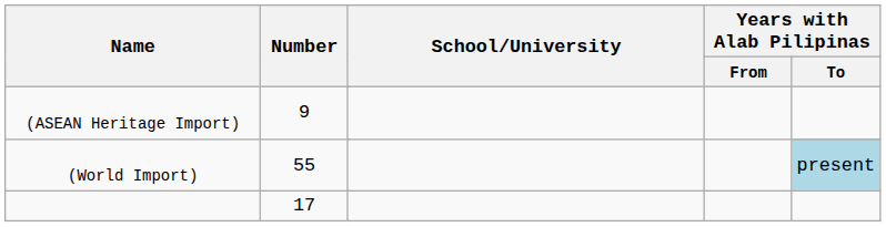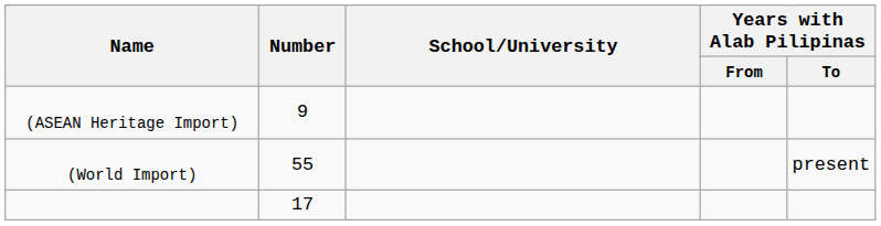 <table class="wikitable sortable" style="text-align:center" width="98%">
 <tr>
 <th style="width:180px;" rowspan="2">Name</th>
 <th style="width:10%;" colspan="2" rowspan="2">Number</th>
 <th style="width:250px;" rowspan="2">School/University</th>
 <th style="width:180px; text-align:center;" colspan="2">Years with Alab Pilipinas</th>
 </tr>
 <tr>
 <th style="width:10%; text-align:center;"><small>From</small></th>
 <th style="width:10%; text-align:center;"><small>To</small></th>
 </tr>
 <tr>
 <td><br><small>(ASEAN Heritage Import)</small></td>
 <td colspan="2">9</td>
 <td></td>
 <td></td>
 <td></td>
 </tr>
 <tr>
 <td><br><small>(World Import)</small></td>
 <td colspan="2">55</td>
 <td></td>
 <td></td>
-<td style="background: lightblue;">present</td>
+<td>present</td>
 </tr>
 <tr>
 <td></td>
 <td colspan="2">17</td>
 <td></td>
 <td></td>
 <td></td>
 </tr>
 </table>
